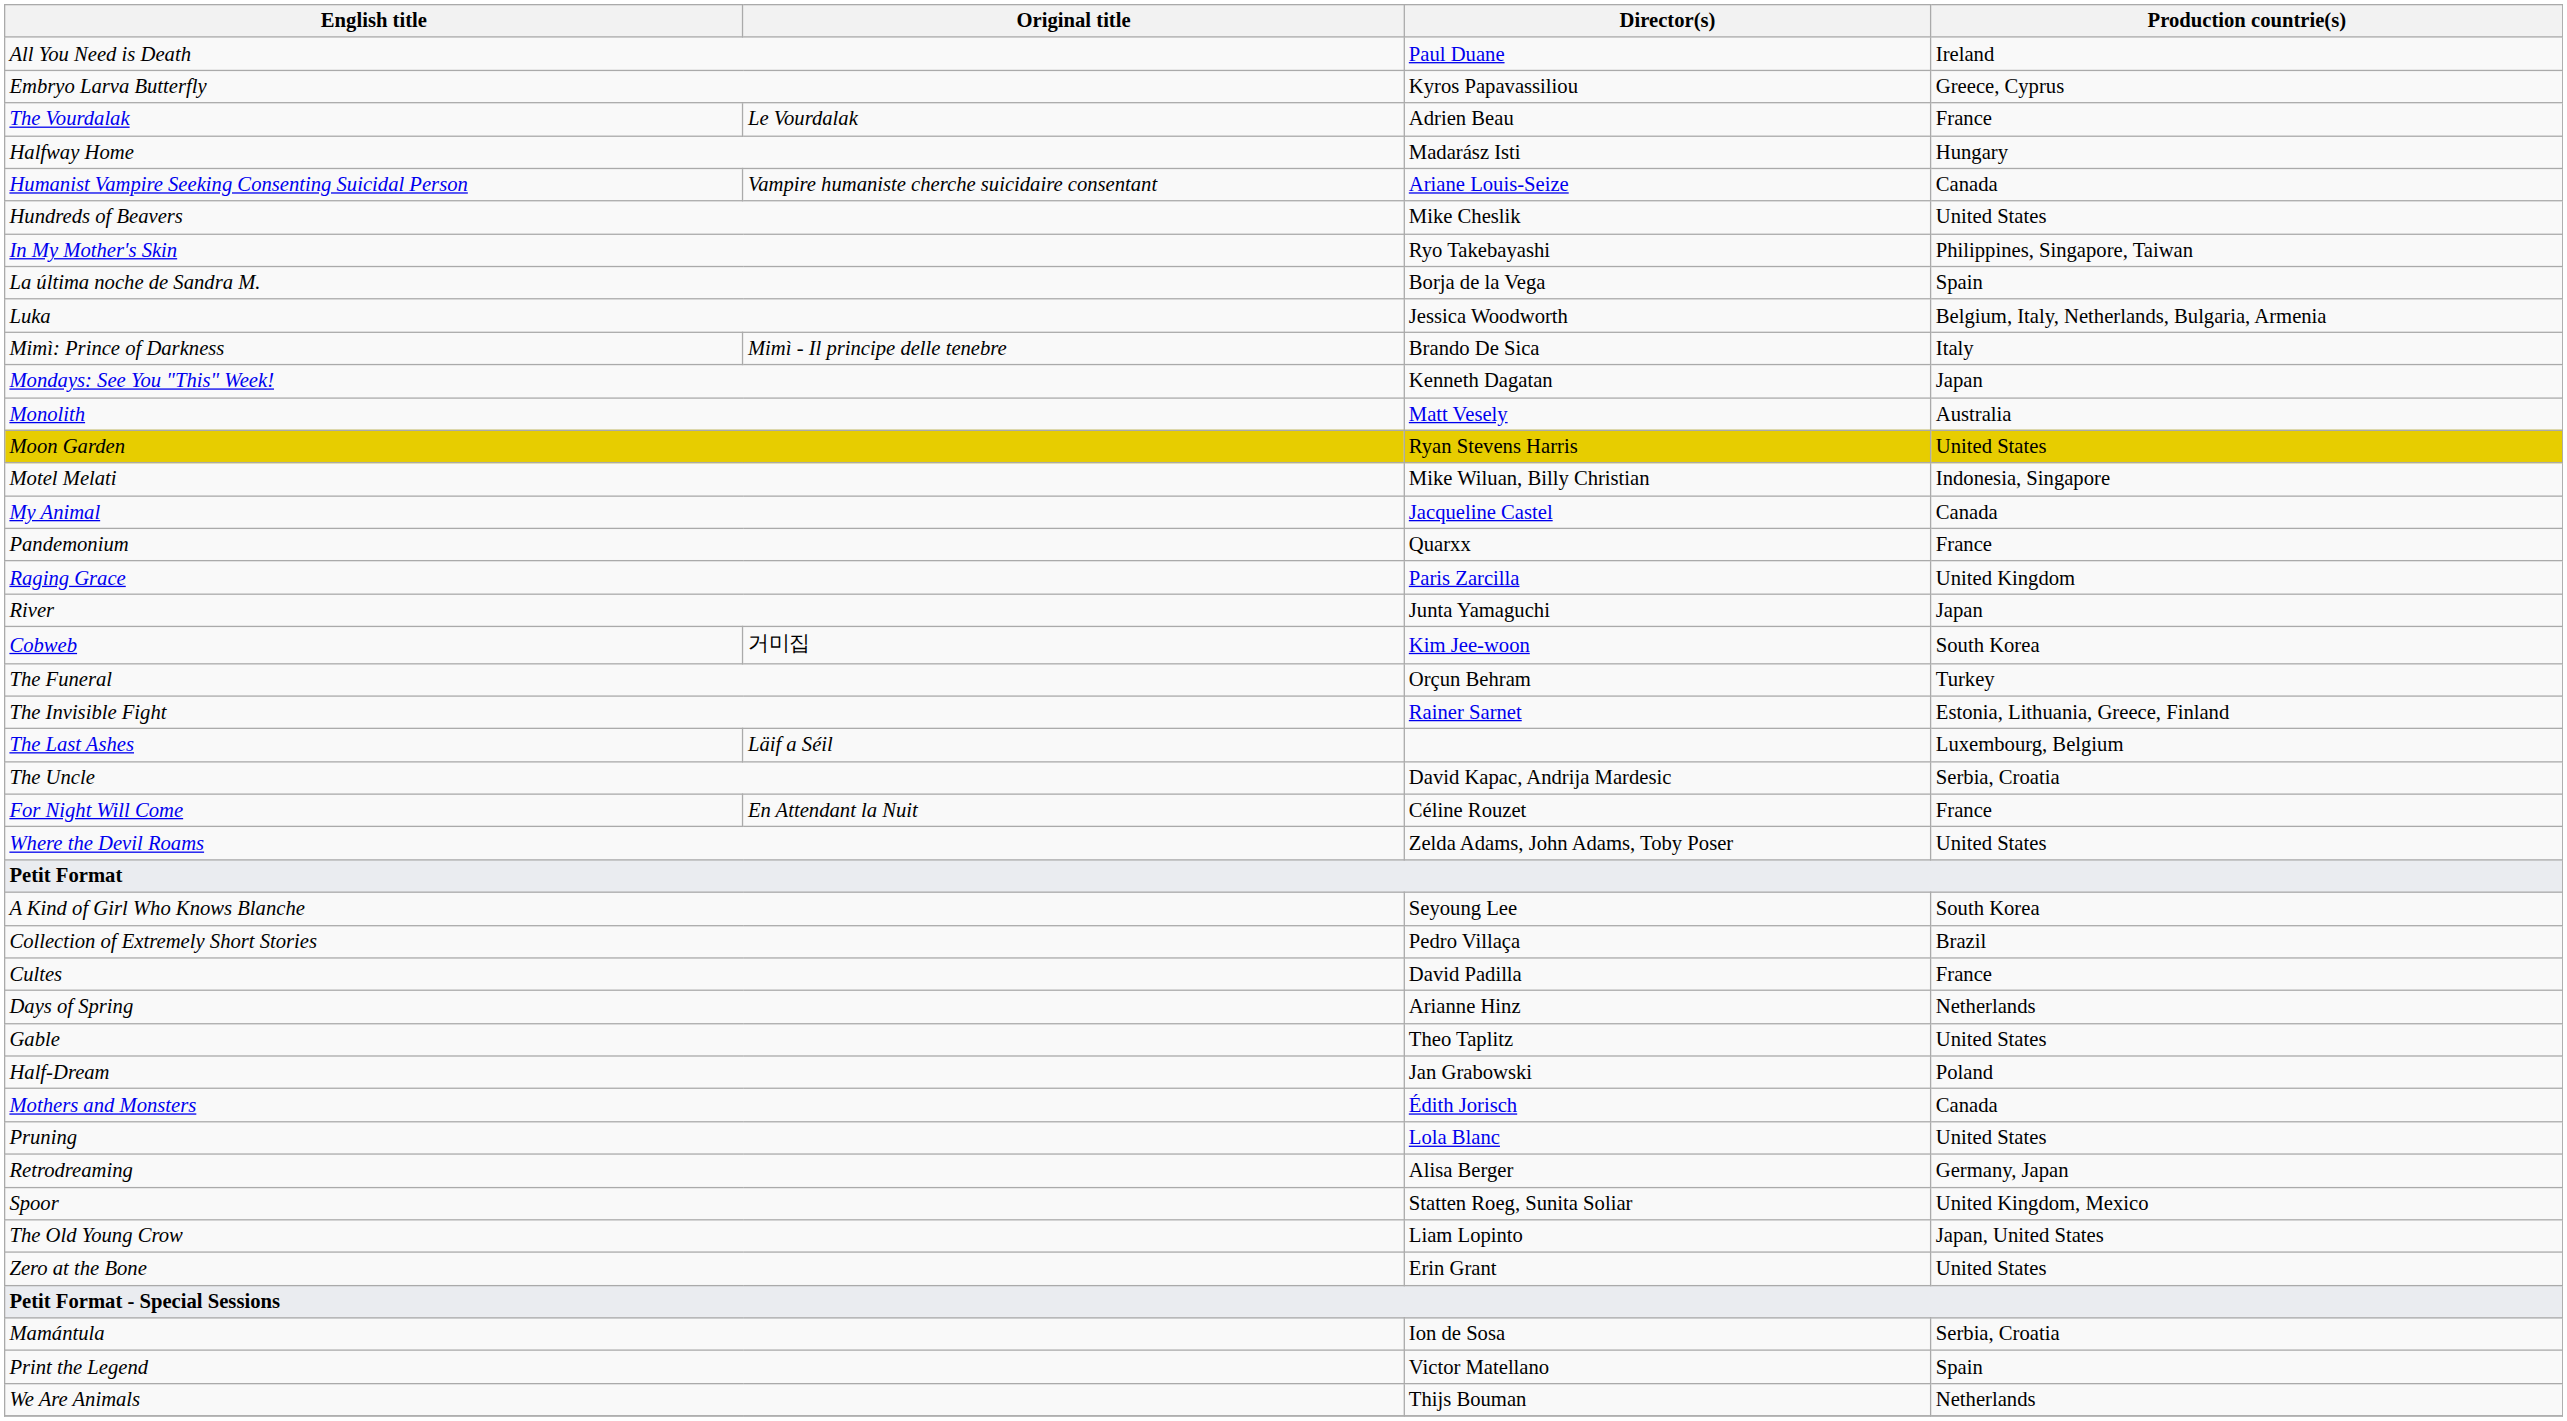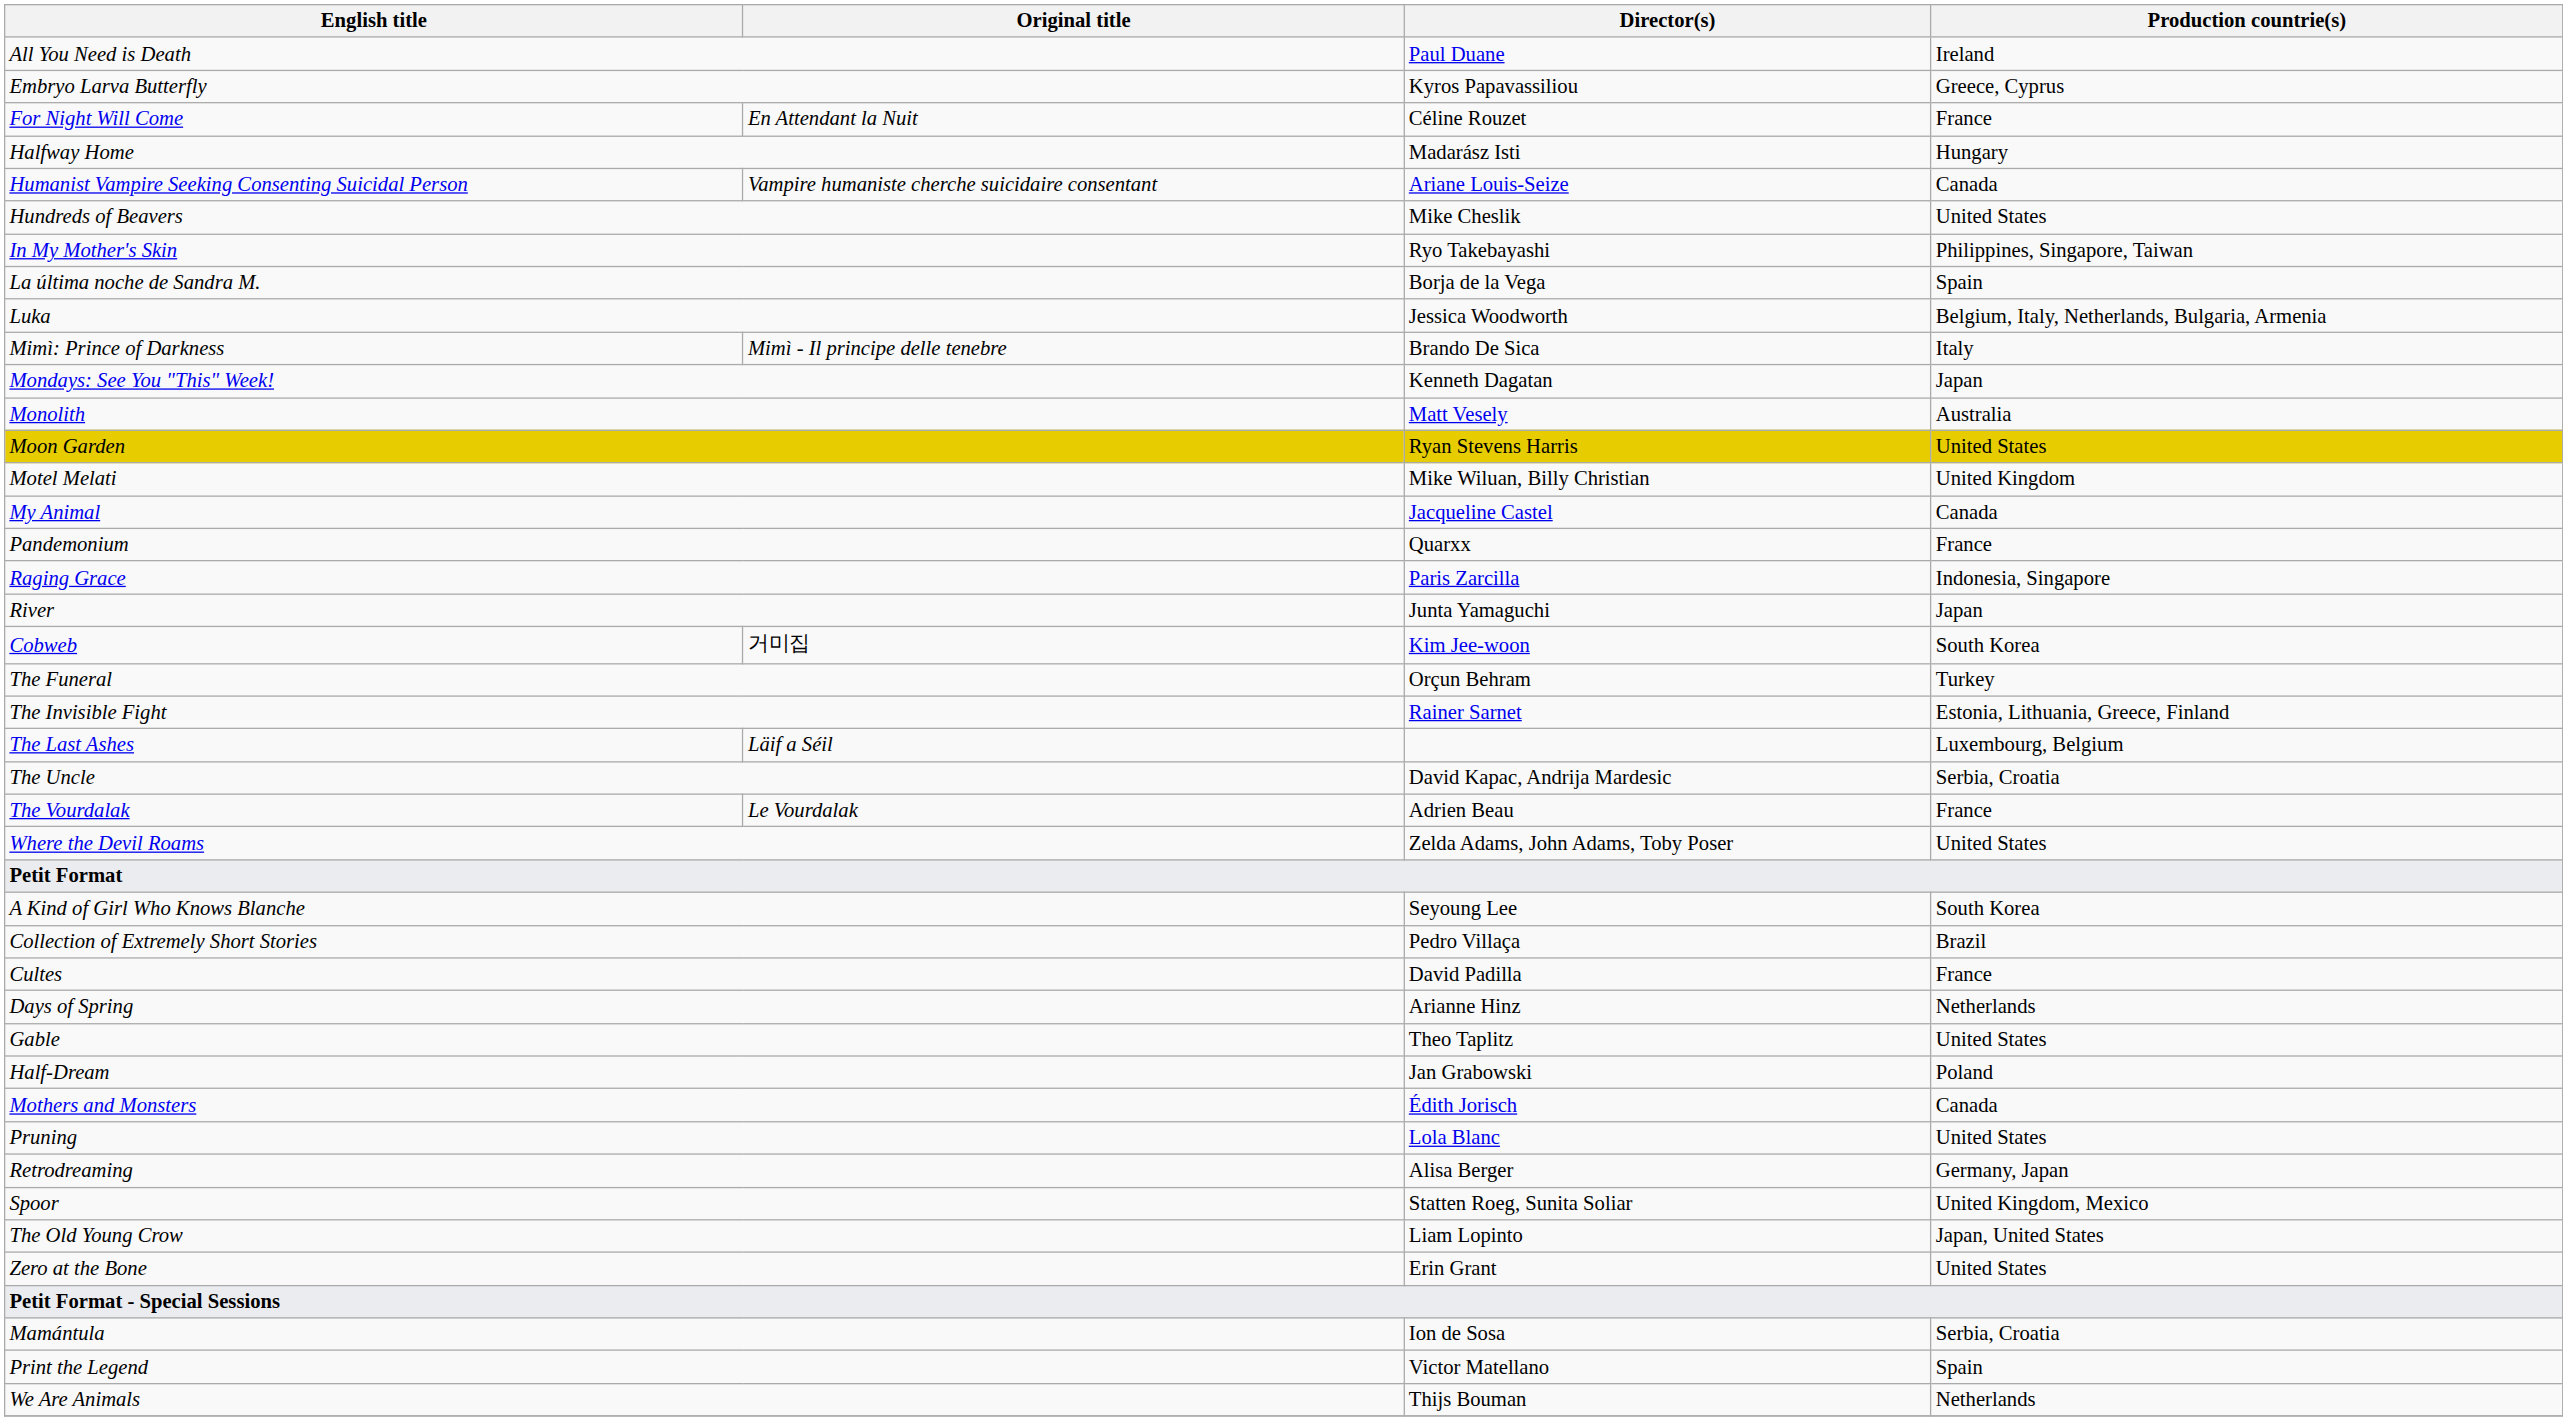 <table class="sortable wikitable" style="width:100%; margin-bottom:4px" cellpadding="5">
 <tr>
 <th scope="col">English title</th>
 <th scope="col">Original title</th>
 <th scope="col">Director(s)</th>
 <th scope="col">Production countrie(s)</th>
 </tr>
 <tr>
 <td colspan="2"><em>All You Need is Death</em></td>
 <td><a href='#'>Paul Duane</a></td>
 <td>Ireland</td>
 </tr>
 <tr>
 <td colspan="2"><em>Embryo Larva Butterfly</em></td>
 <td>Kyros Papavassiliou</td>
 <td>Greece, Cyprus</td>
 </tr>
 <tr>
-<td><em><a href='#'>The Vourdalak</a></em></td>
-<td><em>Le Vourdalak</em></td>
-<td>Adrien Beau</td>
+<td><em><a href='#'>For Night Will Come</a></em></td>
+<td><em>En Attendant la Nuit</em> </td>
+<td>Céline Rouzet</td>
 <td>France</td>
 </tr>
 <tr>
 <td colspan="2"><em>Halfway Home</em></td>
 <td>Madarász Isti</td>
 <td>Hungary</td>
 </tr>
 <tr>
 <td><em><a href='#'>Humanist Vampire Seeking Consenting Suicidal Person</a></em></td>
 <td><em>Vampire humaniste cherche suicidaire consentant</em></td>
 <td><a href='#'>Ariane Louis-Seize</a></td>
 <td>Canada</td>
 </tr>
 <tr>
 <td colspan="2"><em>Hundreds of Beavers</em></td>
 <td>Mike Cheslik</td>
 <td>United States</td>
 </tr>
 <tr>
 <td colspan="2"><em><a href='#'>In My Mother's Skin</a></em></td>
 <td>Ryo Takebayashi</td>
 <td>Philippines, Singapore, Taiwan</td>
 </tr>
 <tr>
 <td colspan="2"><em>La última noche de Sandra M.</em></td>
 <td>Borja de la Vega</td>
 <td>Spain</td>
 </tr>
 <tr>
 <td colspan="2"><em>Luka</em></td>
 <td>Jessica Woodworth</td>
 <td>Belgium, Italy, Netherlands, Bulgaria, Armenia</td>
 </tr>
 <tr>
 <td><em>Mimì: Prince of Darkness</em></td>
 <td><em>Mimì - Il principe delle tenebre</em></td>
 <td>Brando De Sica</td>
 <td>Italy</td>
 </tr>
 <tr>
 <td colspan="2"><em><a href='#'>Mondays: See You "This" Week!</a></em></td>
 <td>Kenneth Dagatan</td>
 <td>Japan</td>
 </tr>
 <tr>
 <td colspan="2"><em><a href='#'>Monolith</a></em></td>
 <td><a href='#'>Matt Vesely</a></td>
 <td>Australia</td>
 </tr>
 <tr style="background:#E7CD00;">
 <td colspan="2"><em>Moon Garden</em></td>
 <td>Ryan Stevens Harris</td>
 <td>United States</td>
 </tr>
 <tr>
 <td colspan="2"><em>Motel Melati</em></td>
 <td>Mike Wiluan, Billy Christian</td>
-<td>Indonesia, Singapore</td>
+<td>United Kingdom</td>
 </tr>
 <tr>
 <td colspan="2"><em><a href='#'>My Animal</a></em></td>
 <td><a href='#'>Jacqueline Castel</a></td>
 <td>Canada</td>
 </tr>
 <tr>
 <td colspan="2"><em>Pandemonium</em></td>
 <td>Quarxx</td>
 <td>France</td>
 </tr>
 <tr>
 <td colspan="2"><em><a href='#'>Raging Grace</a></em></td>
 <td><a href='#'>Paris Zarcilla</a></td>
-<td>United Kingdom</td>
+<td>Indonesia, Singapore</td>
 </tr>
 <tr>
 <td colspan="2"><em>River</em></td>
 <td>Junta Yamaguchi</td>
 <td>Japan</td>
 </tr>
 <tr>
 <td><em><a href='#'>Cobweb</a></em> </td>
 <td>거미집</td>
 <td><a href='#'>Kim Jee-woon</a></td>
 <td>South Korea</td>
 </tr>
 <tr>
 <td colspan="2"><em>The Funeral</em></td>
 <td>Orçun Behram</td>
 <td>Turkey</td>
 </tr>
 <tr>
 <td colspan="2"><em>The Invisible Fight</em></td>
 <td><a href='#'>Rainer Sarnet</a></td>
 <td>Estonia, Lithuania, Greece, Finland</td>
 </tr>
 <tr>
 <td><em><a href='#'>The Last Ashes</a></em></td>
 <td><em>Läif a Séil</em></td>
 <td></td>
 <td>Luxembourg, Belgium</td>
 </tr>
 <tr>
 <td colspan="2"><em>The Uncle</em></td>
 <td>David Kapac, Andrija Mardesic</td>
 <td>Serbia, Croatia</td>
 </tr>
 <tr>
-<td><em><a href='#'>For Night Will Come</a></em></td>
-<td><em>En Attendant la Nuit</em> </td>
-<td>Céline Rouzet</td>
+<td><em><a href='#'>The Vourdalak</a></em></td>
+<td><em>Le Vourdalak</em></td>
+<td>Adrien Beau</td>
 <td>France</td>
 </tr>
 <tr>
 <td colspan="2"><em><a href='#'>Where the Devil Roams</a></em></td>
 <td>Zelda Adams, John Adams, Toby Poser</td>
 <td>United States</td>
 </tr>
 <tr>
 <td colspan=4 class="center" style="padding-center:120px; background-color:#EAECF0"><strong>Petit Format</strong></td>
 </tr>
 <tr>
 <td colspan="2"><em>A Kind of Girl Who Knows Blanche</em></td>
 <td>Seyoung Lee</td>
 <td>South Korea</td>
 </tr>
 <tr>
 <td colspan="2"><em>Collection of Extremely Short Stories</em></td>
 <td>Pedro Villaça</td>
 <td>Brazil</td>
 </tr>
 <tr>
 <td colspan="2"><em>Cultes</em></td>
 <td>David Padilla</td>
 <td>France</td>
 </tr>
 <tr>
 <td colspan="2"><em>Days of Spring</em></td>
 <td>Arianne Hinz</td>
 <td>Netherlands</td>
 </tr>
 <tr>
 <td colspan="2"><em>Gable</em></td>
 <td>Theo Taplitz</td>
 <td>United States</td>
 </tr>
 <tr>
 <td colspan="2"><em>Half-Dream</em></td>
 <td>Jan Grabowski</td>
 <td>Poland</td>
 </tr>
 <tr>
 <td colspan="2"><em><a href='#'>Mothers and Monsters</a></em></td>
 <td><a href='#'>Édith Jorisch</a></td>
 <td>Canada</td>
 </tr>
 <tr>
 <td colspan="2"><em>Pruning</em></td>
 <td><a href='#'>Lola Blanc</a></td>
 <td>United States</td>
 </tr>
 <tr>
 <td colspan="2"><em>Retrodreaming</em></td>
 <td>Alisa Berger</td>
 <td>Germany, Japan</td>
 </tr>
 <tr>
 <td colspan="2"><em>Spoor</em></td>
 <td>Statten Roeg, Sunita Soliar</td>
 <td>United Kingdom, Mexico</td>
 </tr>
 <tr>
 <td colspan="2"><em>The Old Young Crow</em></td>
 <td>Liam Lopinto</td>
 <td>Japan, United States</td>
 </tr>
 <tr>
 <td colspan="2"><em>Zero at the Bone</em></td>
 <td>Erin Grant</td>
 <td>United States</td>
 </tr>
 <tr>
 <td colspan=4 class="center" style="padding-center:120px; background-color:#EAECF0"><strong>Petit Format - Special Sessions</strong></td>
 </tr>
 <tr>
 <td colspan="2"><em>Mamántula</em></td>
 <td>Ion de Sosa</td>
 <td>Serbia, Croatia</td>
 </tr>
 <tr>
 <td colspan="2"><em>Print the Legend</em></td>
 <td>Victor Matellano</td>
 <td>Spain</td>
 </tr>
 <tr>
 <td colspan="2"><em>We Are Animals</em></td>
 <td>Thijs Bouman</td>
 <td>Netherlands</td>
 </tr>
 <tr>
 </tr>
 </table>
